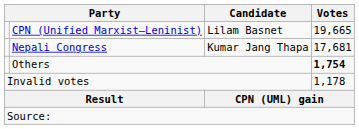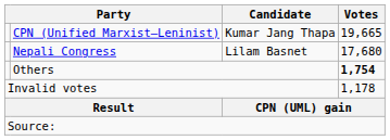 <table class="wikitable">
 <tr>
 <th colspan="2">Party</th>
 <th>Candidate</th>
 <th>Votes</th>
 </tr>
 <tr>
 <td style="background-color:"></td>
 <td><a href='#'>CPN (Unified Marxist–Leninist)</a></td>
-<td>Lilam Basnet</td>
+<td>Kumar Jang Thapa</td>
 <td>19,665</td>
 </tr>
 <tr>
 <td style="background-color:"></td>
 <td><a href='#'>Nepali Congress</a></td>
-<td>Kumar Jang Thapa</td>
-<td>17,681</td>
+<td>Lilam Basnet</td>
+<td>17,680</td>
 </tr>
 <tr>
 <td></td>
 <td colspan="2">Others</td>
 <td><strong>1,754</strong></td>
 </tr>
 <tr>
 <td colspan="3">Invalid votes</td>
 <td>1,178</td>
 </tr>
 <tr>
 <th colspan="2">Result</th>
 <th colspan="2">CPN (UML) gain</th>
 </tr>
 <tr>
 <td colspan="4">Source: </td>
 </tr>
 </table>
